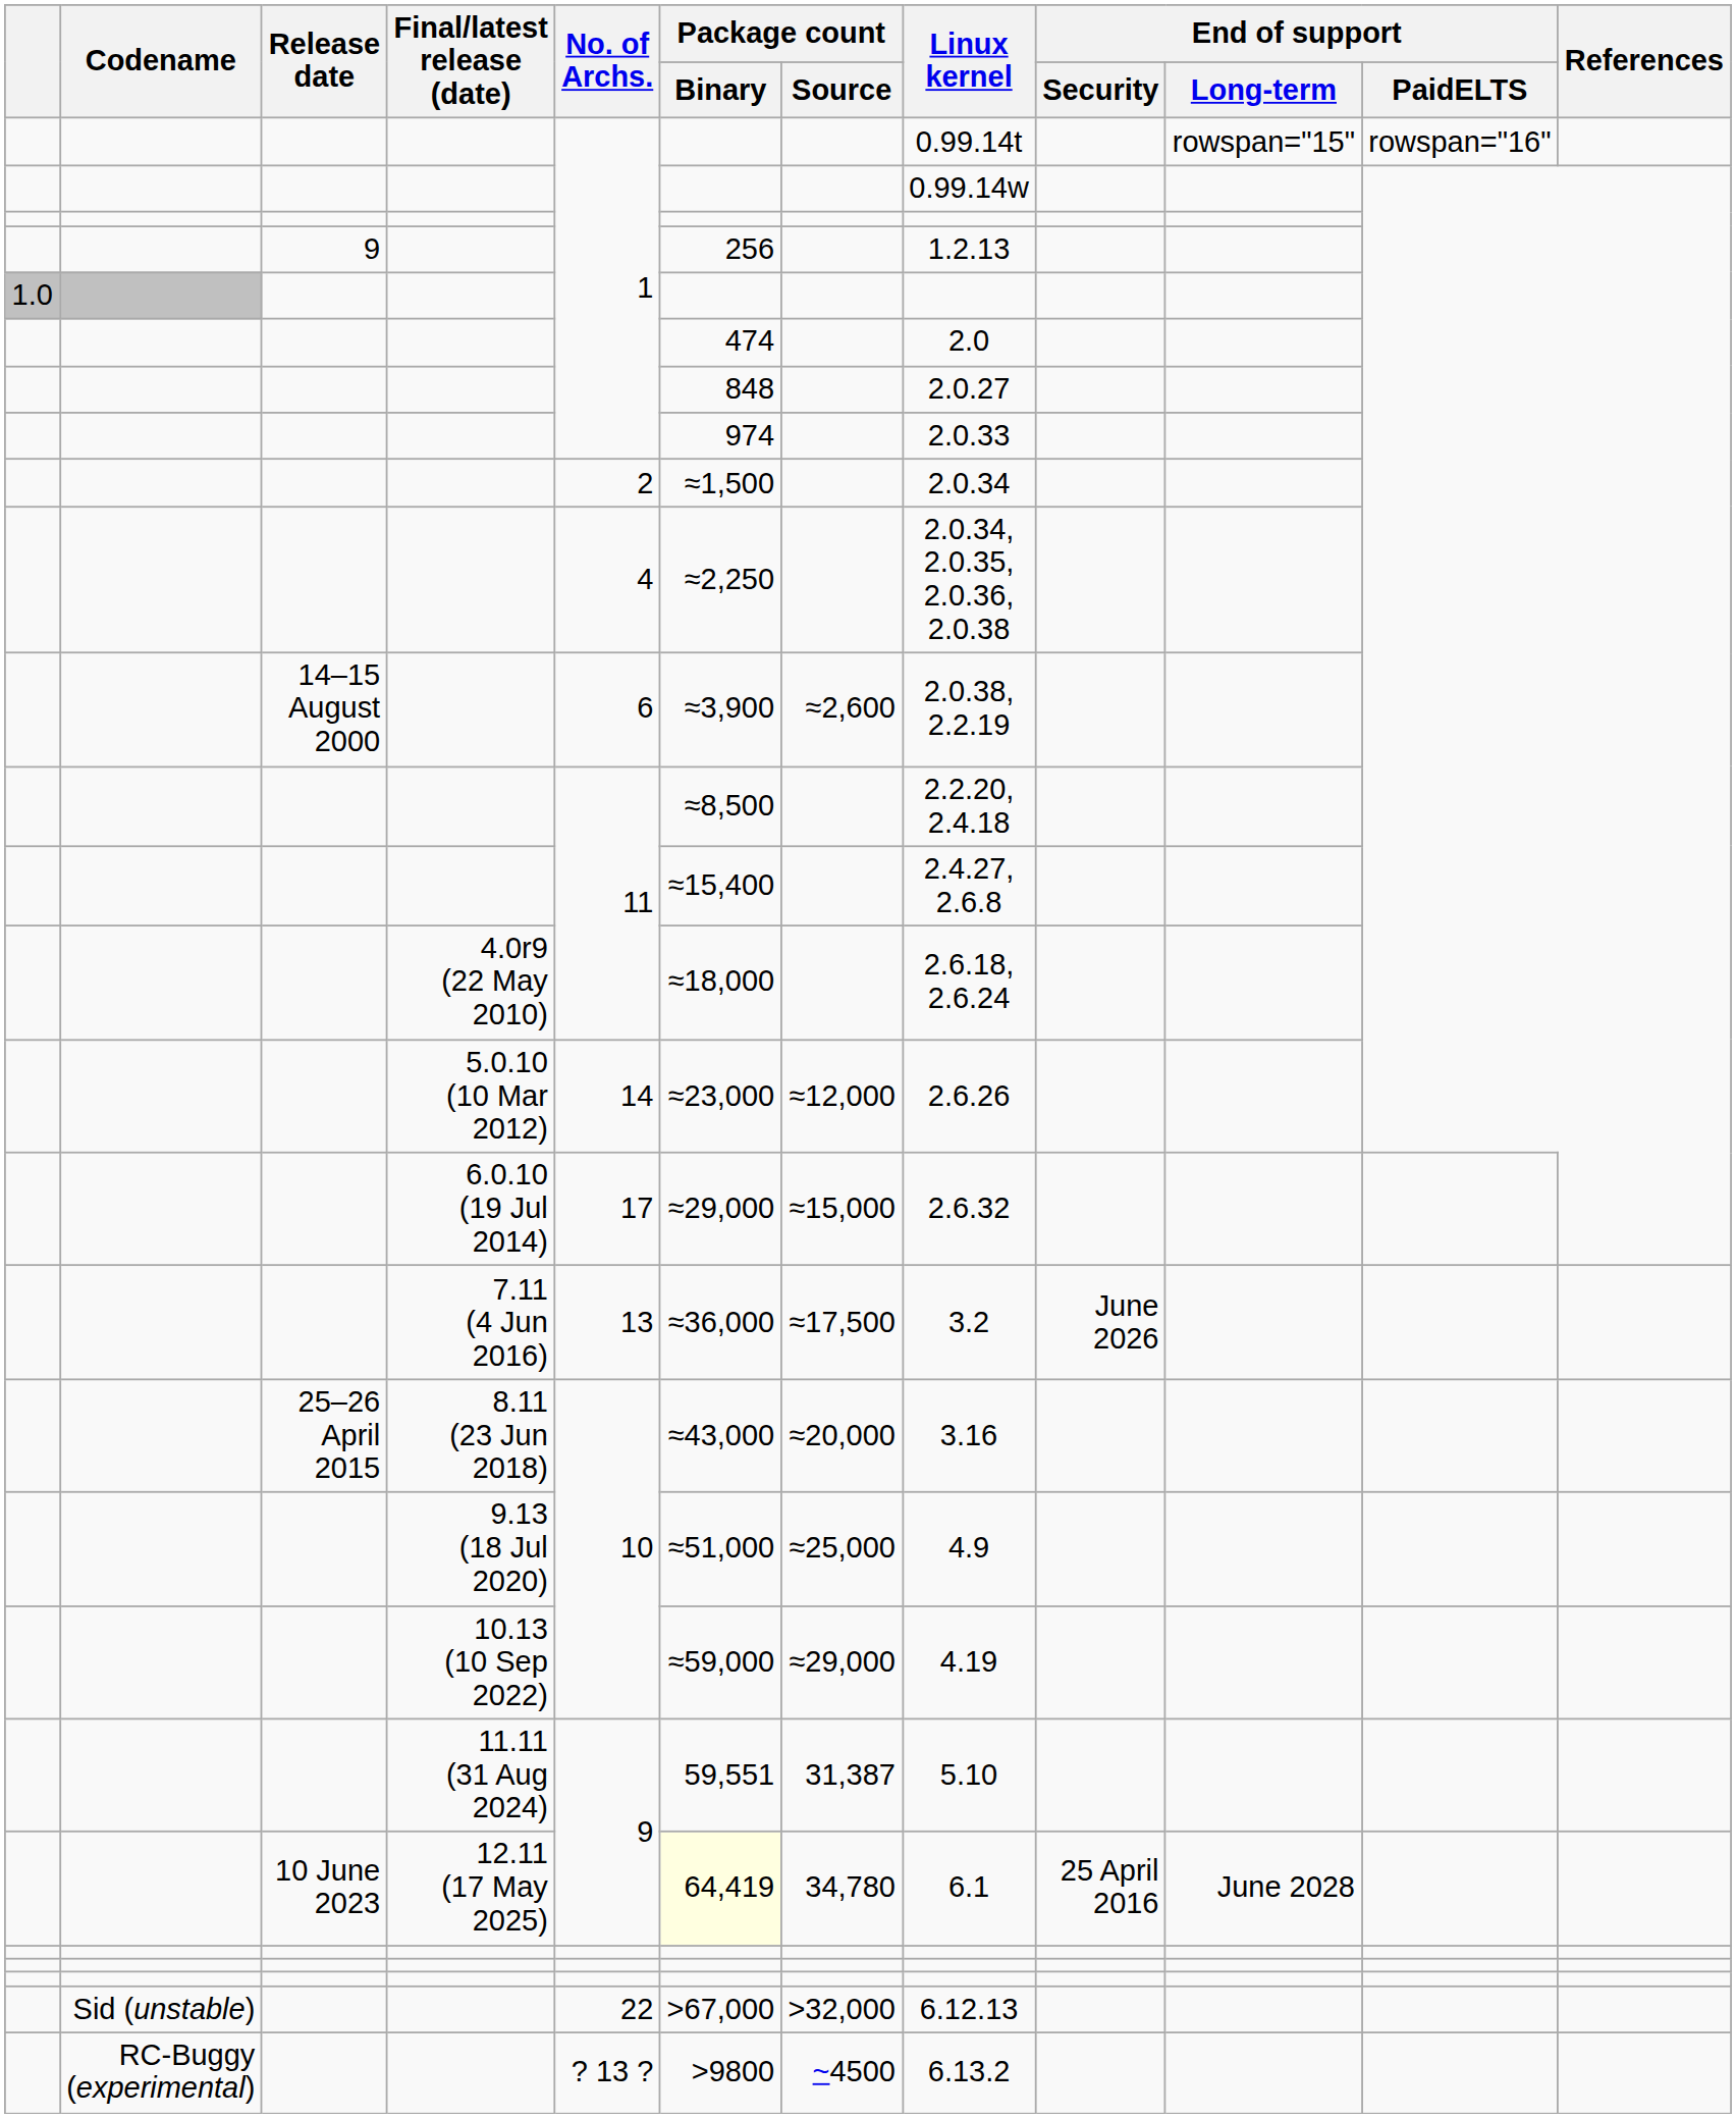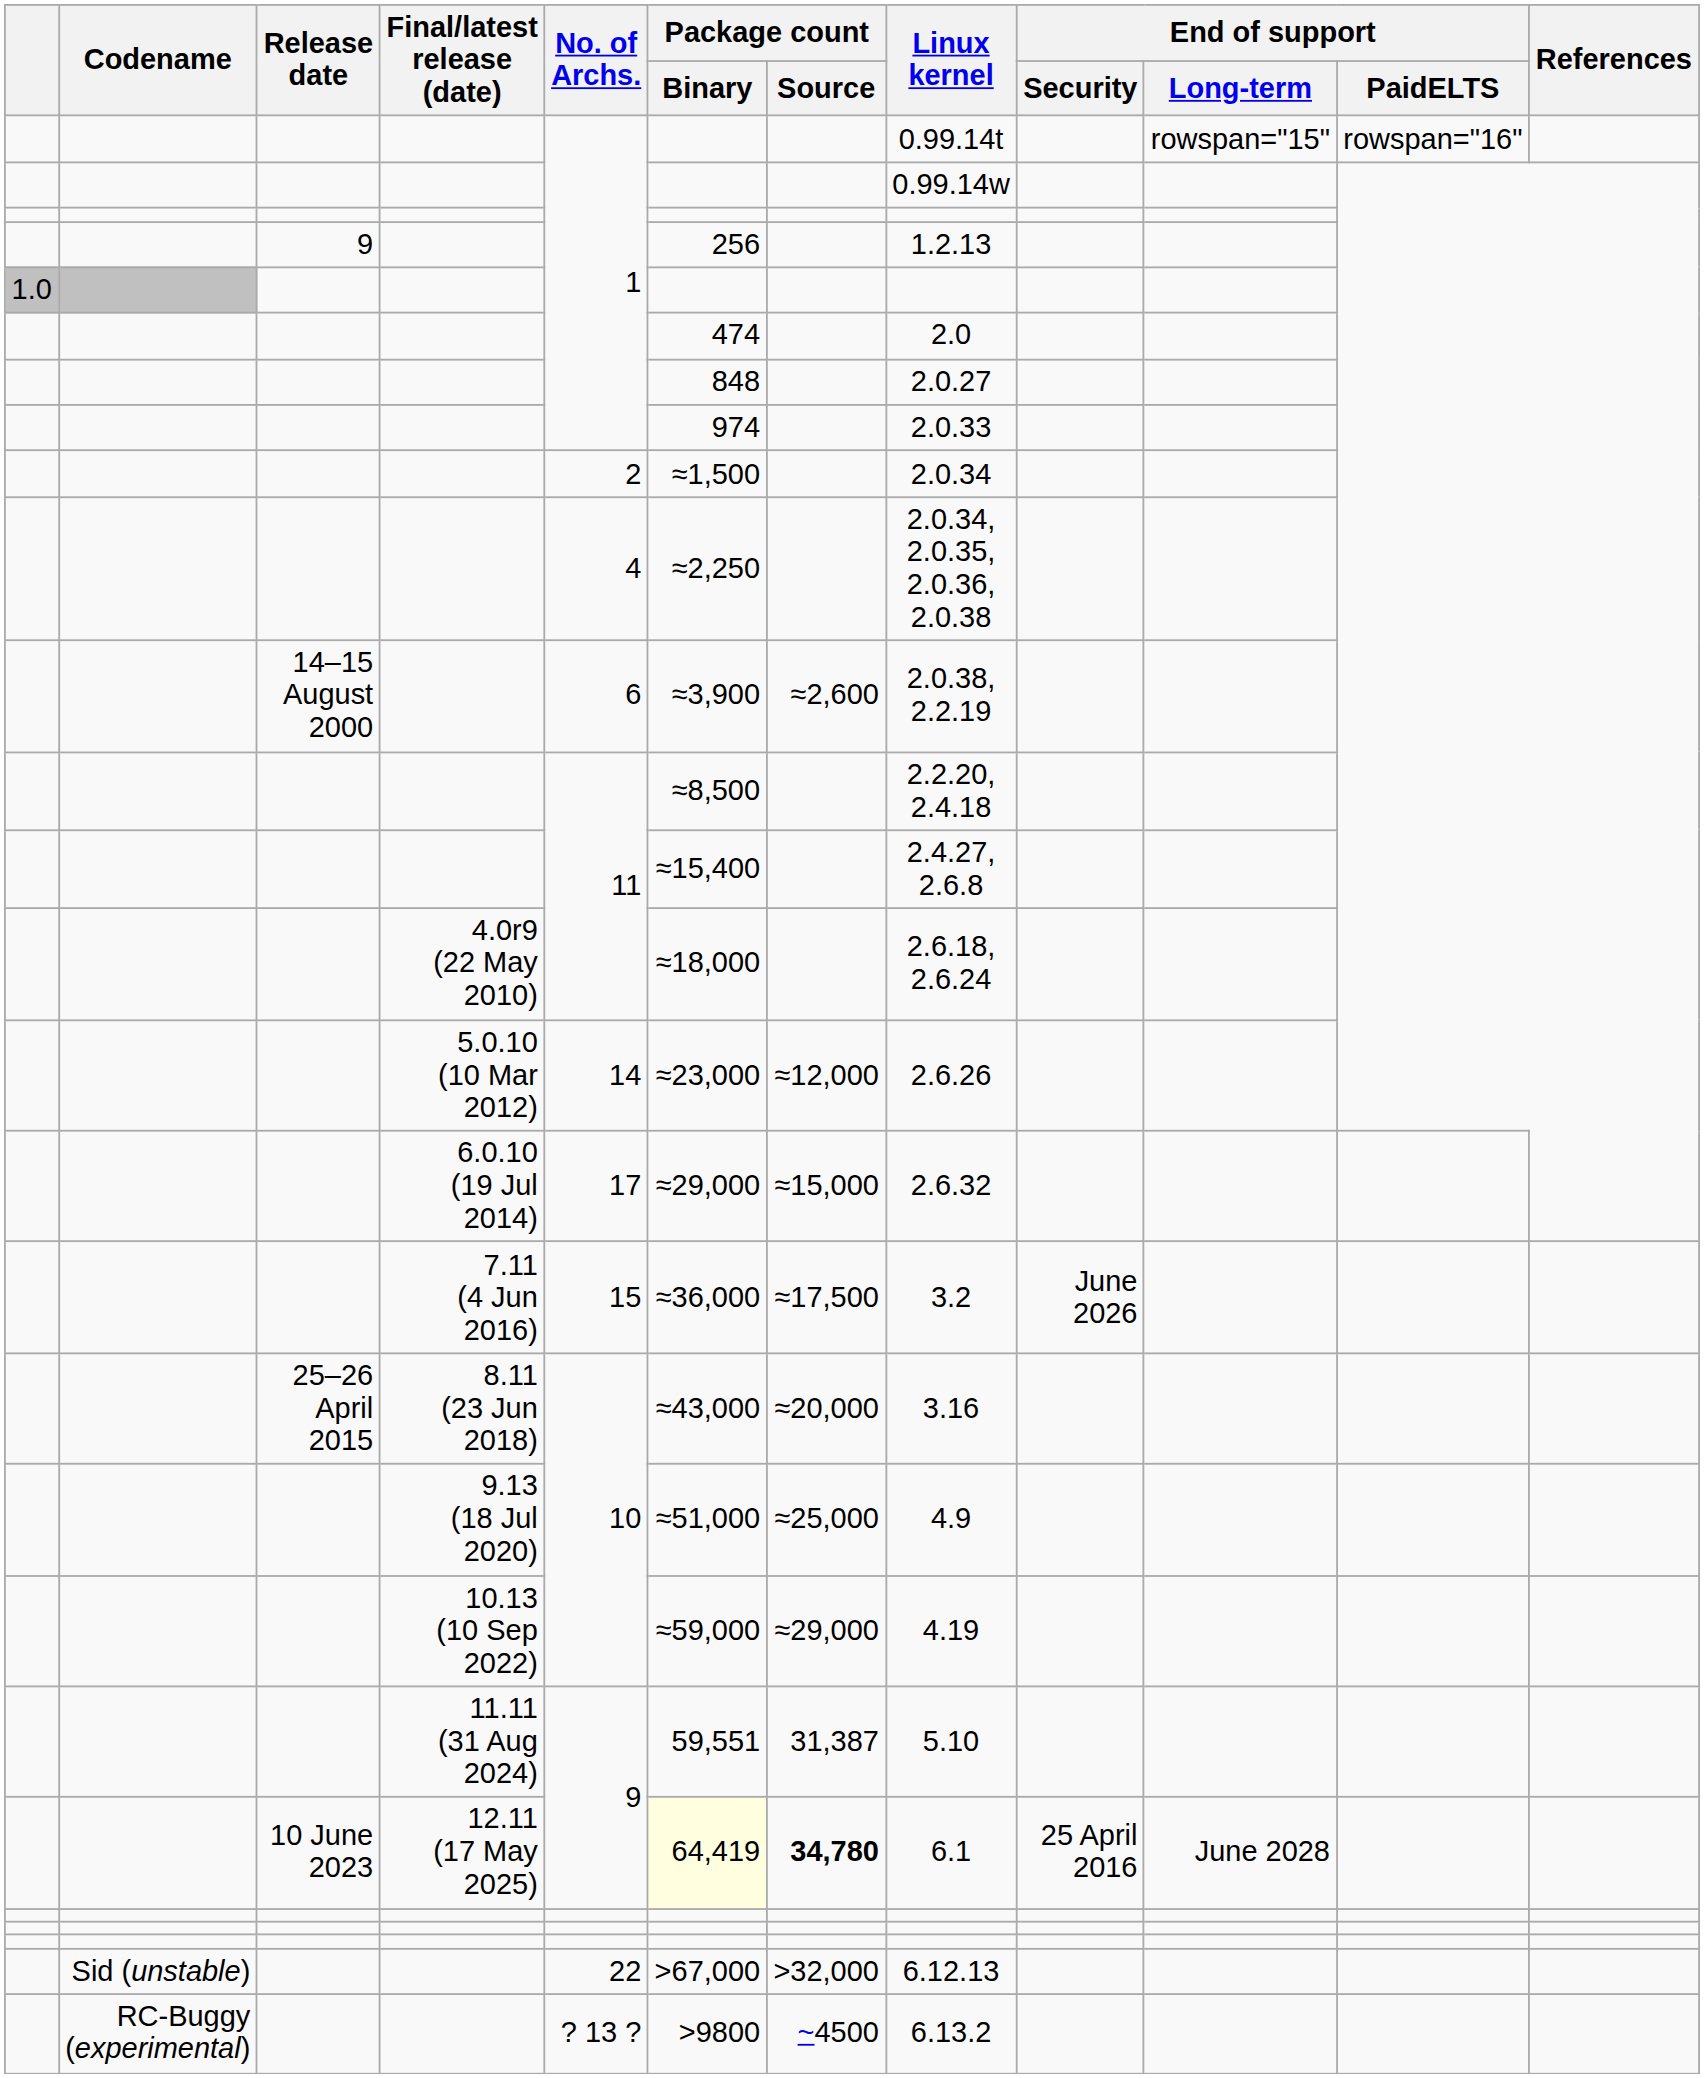 <table class="sortable wikitable  mw-datatable  sticky-header" style="text-align: right;">
 <tr>
 <th rowspan=2></th>
 <th rowspan=2>Code­name</th>
 <th rowspan=2>Release date</th>
 <th rowspan=2>Final/latest release (date)</th>
 <th rowspan=2><a href='#'>No. of Archs.</a></th>
 <th colspan=2>Package count</th>
 <th rowspan=2><a href='#'>Linux <br>kernel</a></th>
 <th colspan=3>End of support</th>
 <th rowspan=2>References</th>
 </tr>
 <tr>
 <th>Binary</th>
 <th>Source</th>
 <th>Security</th>
 <th><a href='#'>Long-term</a></th>
 <th>PaidELTS</th>
 </tr>
 <tr>
 <td></td>
 <td></td>
 <td></td>
 <td></td>
 <td rowspan="8">1</td>
 <td></td>
 <td></td>
 <td style="text-align: center;">0.99.14t</td>
 <td></td>
 <td>rowspan="15" </td>
 <td>rowspan="16" </td>
 <td style="text-align: left;"></td>
 </tr>
 <tr>
 <td></td>
 <td></td>
 <td></td>
 <td></td>
 <td></td>
 <td></td>
 <td style="text-align: center;">0.99.14w</td>
 <td></td>
 <td style="text-align: left;"></td>
 </tr>
 <tr>
 <td></td>
 <td></td>
 <td></td>
 <td></td>
 <td></td>
 <td></td>
 <td></td>
 <td></td>
 <td style="text-align: left;"></td>
 </tr>
 <tr>
 <td></td>
 <td></td>
 <td>9 </td>
 <td></td>
 <td>256</td>
 <td></td>
 <td style="text-align: center;">1.2.13</td>
 <td></td>
 <td style="text-align: left;"></td>
 </tr>
 <tr>
 <td style="background:silver;">1.0</td>
 <td style="background:silver;"></td>
 <td></td>
 <td></td>
 <td></td>
 <td></td>
 <td></td>
 <td></td>
 <td style="text-align: left;"></td>
 </tr>
 <tr>
 <td></td>
 <td></td>
 <td></td>
 <td></td>
 <td>474</td>
 <td></td>
 <td style="text-align: center;">2.0</td>
 <td></td>
 <td style="text-align: left;"></td>
 </tr>
 <tr>
 <td></td>
 <td></td>
 <td></td>
 <td></td>
 <td>848</td>
 <td></td>
 <td style="text-align: center;">2.0.27</td>
 <td></td>
 <td style="text-align: left;"></td>
 </tr>
 <tr>
 <td></td>
 <td></td>
 <td></td>
 <td></td>
 <td>974</td>
 <td></td>
 <td style="text-align: center;">2.0.33</td>
 <td></td>
 <td style="text-align: left;"></td>
 </tr>
 <tr>
 <td></td>
 <td></td>
 <td></td>
 <td></td>
 <td>2</td>
 <td data-sort-value=1500>≈1,500</td>
 <td></td>
 <td style="text-align: center;">2.0.34</td>
 <td></td>
 <td style="text-align: left;"></td>
 </tr>
 <tr>
 <td></td>
 <td></td>
 <td></td>
 <td></td>
 <td>4</td>
 <td data-sort-value=2250>≈2,250</td>
 <td></td>
 <td style="text-align: center;">2.0.34, 2.0.35, <br>2.0.36, 2.0.38</td>
 <td></td>
 <td style="text-align: left;"></td>
 </tr>
 <tr>
 <td></td>
 <td></td>
 <td>14–15 August 2000</td>
 <td></td>
 <td>6</td>
 <td data-sort-value=3900>≈3,900</td>
 <td data-sort-value=2600>≈2,600</td>
 <td style="text-align: center;">2.0.38, 2.2.19</td>
 <td></td>
 <td style="text-align: left;"></td>
 </tr>
 <tr>
 <td></td>
 <td></td>
 <td></td>
 <td></td>
 <td rowspan="3">11</td>
 <td data-sort-value=8500>≈8,500</td>
 <td></td>
 <td style="text-align: center;">2.2.20, 2.4.18</td>
 <td></td>
 <td style="text-align: left;"></td>
 </tr>
 <tr>
 <td></td>
 <td></td>
 <td></td>
 <td></td>
 <td data-sort-value=15400>≈15,400</td>
 <td></td>
 <td style="text-align: center;">2.4.27, 2.6.8</td>
 <td></td>
 <td style="text-align: left;"></td>
 </tr>
 <tr>
 <td></td>
 <td></td>
 <td></td>
 <td>4.0r9<br>(22 May 2010)</td>
 <td data-sort-value=18000>≈18,000</td>
 <td></td>
 <td style="text-align: center;">2.6.18, 2.6.24</td>
 <td></td>
 <td style="text-align: left;"></td>
 </tr>
 <tr>
 <td></td>
 <td></td>
 <td></td>
 <td>5.0.10<br>(10 Mar 2012)</td>
 <td>14</td>
 <td data-sort-value=23000>≈23,000</td>
 <td data-sort-value=12000>≈12,000</td>
 <td style="text-align: center;">2.6.26</td>
 <td></td>
 <td style="text-align: left;"></td>
 </tr>
 <tr>
 <td></td>
 <td></td>
 <td></td>
 <td>6.0.10<br>(19 Jul 2014)</td>
 <td>17</td>
 <td data-sort-value=29000>≈29,000</td>
 <td data-sort-value=15000>≈15,000</td>
 <td style="text-align: center;">2.6.32</td>
 <td></td>
 <td></td>
 <td style="text-align: left;"></td>
 </tr>
 <tr>
 <td></td>
 <td></td>
 <td></td>
 <td>7.11<br>(4 Jun 2016)</td>
-<td>13</td>
+<td>15</td>
 <td data-sort-value=36000>≈36,000</td>
 <td data-sort-value=17500>≈17,500</td>
 <td style="text-align: center;">3.2</td>
 <td>June 2026</td>
 <td></td>
 <td></td>
 <td style="text-align: left;"></td>
 </tr>
 <tr>
 <td></td>
 <td></td>
 <td>25–26 April 2015</td>
 <td>8.11<br>(23 Jun 2018)</td>
 <td rowspan="3">10</td>
 <td data-sort-value=43000>≈43,000</td>
 <td data-sort-value=20000>≈20,000</td>
 <td style="text-align: center;">3.16</td>
 <td></td>
 <td></td>
 <td></td>
 <td style="text-align: left;"></td>
 </tr>
 <tr>
 <td></td>
 <td></td>
 <td></td>
 <td>9.13<br>(18 Jul 2020)</td>
 <td data-sort-value=51000>≈51,000</td>
 <td data-sort-value=25000>≈25,000</td>
 <td style="text-align: center;">4.9</td>
 <td></td>
 <td></td>
 <td></td>
 <td style="text-align: left;"></td>
 </tr>
 <tr>
 <td></td>
 <td></td>
 <td></td>
 <td>10.13<br>(10 Sep 2022)</td>
 <td data-sort-value=59000>≈59,000</td>
 <td data-sort-value=29000>≈29,000</td>
 <td style="text-align: center;">4.19</td>
 <td></td>
 <td></td>
 <td></td>
 <td style="text-align: left;"></td>
 </tr>
 <tr>
 <td></td>
 <td></td>
 <td></td>
 <td>11.11<br>(31 Aug 2024)</td>
 <td rowspan="2">9</td>
 <td data-sort-value=59551>59,551</td>
 <td data-sort-value=31387>31,387</td>
 <td style="text-align: center;">5.10</td>
 <td></td>
 <td></td>
 <td></td>
 <td style="text-align: left;"></td>
 </tr>
 <tr>
 <td></td>
 <td></td>
 <td>10 June 2023</td>
 <td>12.11<br>(17 May 2025)</td>
 <td data-sort-value=64419 style="background: lightyellow;">64,419</td>
-<td>34,780</td>
+<td><strong>34,780</strong></td>
 <td style="text-align: center;">6.1</td>
 <td>25 April 2016</td>
 <td>June 2028</td>
 <td></td>
 <td style="text-align: left;"></td>
 </tr>
 <tr>
 <td></td>
 <td></td>
 <td></td>
 <td></td>
 <td></td>
 <td></td>
 <td></td>
 <td></td>
 <td></td>
 <td></td>
 <td></td>
 <td style="text-align: left;"></td>
 </tr>
 <tr>
 <td></td>
 <td></td>
 <td></td>
 <td></td>
 <td></td>
 <td></td>
 <td></td>
 <td></td>
 <td></td>
 <td></td>
 <td></td>
 <td style="text-align: left;"></td>
 </tr>
 <tr>
 <td></td>
 <td></td>
 <td></td>
 <td></td>
 <td></td>
 <td></td>
 <td></td>
 <td></td>
 <td></td>
 <td></td>
 <td></td>
 <td style="text-align: left;"></td>
 </tr>
 <tr>
 <td data-sort-value=e99></td>
 <td>Sid (<em>unstable</em>)</td>
 <td></td>
 <td></td>
 <td>22</td>
 <td data-sort-value=62000>>67,000</td>
 <td data-sort-value=32000>>32,000</td>
 <td style="text-align: center;">6.12.13</td>
 <td></td>
 <td></td>
 <td></td>
 <td style="text-align: left;"></td>
 </tr>
 <tr>
 <td></td>
 <td>RC-Buggy (<em>experimental</em>)</td>
 <td></td>
 <td></td>
 <td>? 13 ?</td>
 <td>>9800</td>
 <td><a href='#'>~</a>4500</td>
 <td style="text-align: center;">6.13.2</td>
 <td></td>
 <td></td>
 <td></td>
 <td style="text-align: left;"></td>
 </tr>
 </table>
